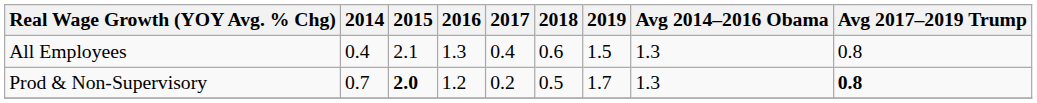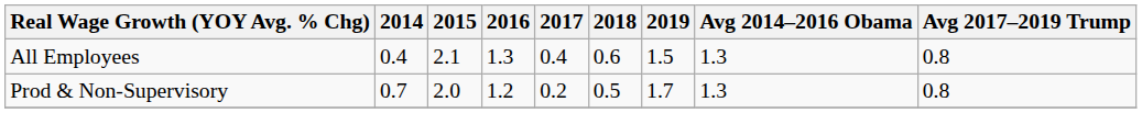 <table class="wikitable">
 <tr>
 <th>Real Wage Growth (YOY Avg. % Chg)</th>
 <th>2014</th>
 <th>2015</th>
 <th>2016</th>
 <th>2017</th>
 <th>2018</th>
 <th>2019</th>
 <th>Avg 2014–2016 Obama</th>
 <th>Avg 2017–2019 Trump</th>
 </tr>
 <tr>
 <td>All Employees</td>
 <td>0.4</td>
 <td>2.1</td>
 <td>1.3</td>
 <td>0.4</td>
 <td>0.6</td>
 <td>1.5</td>
 <td>1.3</td>
 <td>0.8</td>
 </tr>
 <tr>
 <td>Prod & Non-Supervisory</td>
 <td>0.7</td>
-<td><strong>2.0</strong></td>
+<td>2.0</td>
 <td>1.2</td>
 <td>0.2</td>
 <td>0.5</td>
 <td>1.7</td>
 <td>1.3</td>
-<td><strong>0.8</strong></td>
+<td>0.8</td>
 </tr>
 <tr>
 </tr>
 </table>
